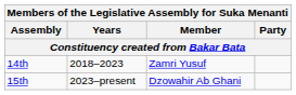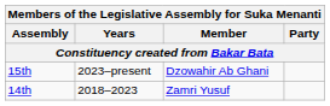 <table class="wikitable">
 <tr>
 <th colspan=4>Members of the Legislative Assembly for Suka Menanti</th>
 </tr>
 <tr>
 <th>Assembly</th>
 <th>Years</th>
 <th>Member</th>
 <th>Party</th>
 </tr>
 <tr>
 <th colspan=4 align=center><em>Constituency created from <a href='#'>Bakar Bata</a></em></th>
 </tr>
 <tr>
+<td><a href='#'>15th</a></td>
+<td>2023–present</td>
+<td><a href='#'>Dzowahir Ab Ghani</a></td>
+<td></td>
+</tr>
+<tr>
 <td><a href='#'>14th</a></td>
 <td>2018–2023</td>
 <td><a href='#'>Zamri Yusuf</a></td>
 <td></td>
 </tr>
-<tr>
-<td><a href='#'>15th</a></td>
-<td>2023–present</td>
-<td><a href='#'>Dzowahir Ab Ghani</a></td>
-<td></td>
-</tr>
 </table>
